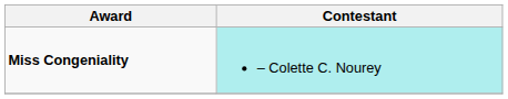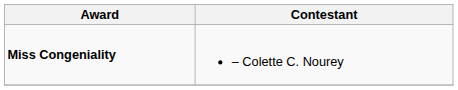 <table class="wikitable sortable" style="font-size:95%;">
 <tr>
 <th width="220">Award</th>
 <th width="300">Contestant</th>
 </tr>
 <tr>
 <td><strong>Miss Congeniality</strong></td>
-<td style="background: paleturquoise;"><br><ul><li><strong></strong> – Colette C. Nourey</li></ul></td>
+<td><br><ul><li><strong></strong> – Colette C. Nourey</li></ul></td>
 </tr>
 <tr>
 </tr>
 </table>
